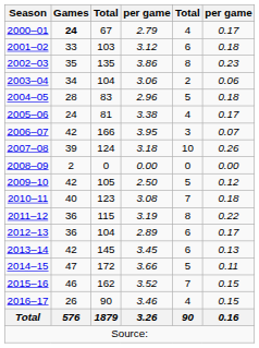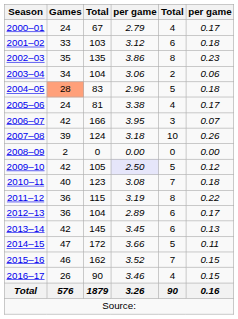 <table class="wikitable" style="text-align:center">
 <tr>
 <th>Season</th>
 <th>Games</th>
 <th>Total </th>
 <th> per game</th>
 <th>Total </th>
 <th> per game</th>
 </tr>
 <tr>
 <td><a href='#'>2000–01</a></td>
-<td><strong>24</strong></td>
+<td>24</td>
 <td>67</td>
 <td><em>2.79</em></td>
 <td>4</td>
 <td><em>0.17</em></td>
 </tr>
 <tr>
 <td><a href='#'>2001–02</a></td>
 <td>33</td>
 <td>103</td>
 <td><em>3.12</em></td>
 <td>6</td>
 <td><em>0.18</em></td>
 </tr>
 <tr>
 <td><a href='#'>2002–03</a></td>
 <td>35</td>
 <td>135</td>
 <td><em>3.86</em></td>
 <td>8</td>
 <td><em>0.23</em></td>
 </tr>
 <tr>
 <td><a href='#'>2003–04</a></td>
 <td>34</td>
 <td>104</td>
 <td><em>3.06</em></td>
 <td>2</td>
 <td><em>0.06</em></td>
 </tr>
 <tr>
 <td><a href='#'>2004–05</a></td>
-<td>28</td>
+<td style="background: lightsalmon;">28</td>
 <td>83</td>
 <td><em>2.96</em></td>
 <td>5</td>
 <td><em>0.18</em></td>
 </tr>
 <tr>
 <td><a href='#'>2005–06</a></td>
 <td>24</td>
 <td>81</td>
 <td><em>3.38</em></td>
 <td>4</td>
 <td><em>0.17</em></td>
 </tr>
 <tr>
 <td><a href='#'>2006–07</a></td>
 <td>42</td>
 <td>166</td>
 <td><em>3.95</em></td>
 <td>3</td>
 <td><em>0.07</em></td>
 </tr>
 <tr>
 <td><a href='#'>2007–08</a></td>
 <td>39</td>
 <td>124</td>
 <td><em>3.18</em></td>
 <td>10</td>
 <td><em>0.26</em></td>
 </tr>
 <tr>
 <td><a href='#'>2008–09</a></td>
 <td>2</td>
 <td>0</td>
 <td><em>0.00</em></td>
 <td>0</td>
 <td><em>0.00</em></td>
 </tr>
 <tr>
 <td><a href='#'>2009–10</a></td>
 <td>42</td>
 <td>105</td>
-<td><em>2.50</em></td>
+<td style="background: lavender;"><em>2.50</em></td>
 <td>5</td>
 <td><em>0.12</em></td>
 </tr>
 <tr>
 <td><a href='#'>2010–11</a></td>
 <td>40</td>
 <td>123</td>
 <td><em>3.08</em></td>
 <td>7</td>
 <td><em>0.18</em></td>
 </tr>
 <tr>
 <td><a href='#'>2011–12</a></td>
 <td>36</td>
 <td>115</td>
 <td><em>3.19</em></td>
 <td>8</td>
 <td><em>0.22</em></td>
 </tr>
 <tr>
 <td><a href='#'>2012–13</a></td>
 <td>36</td>
 <td>104</td>
 <td><em>2.89</em></td>
 <td>6</td>
 <td><em>0.17</em></td>
 </tr>
 <tr>
 <td><a href='#'>2013–14</a></td>
 <td>42</td>
 <td>145</td>
 <td><em>3.45</em></td>
 <td>6</td>
 <td><em>0.13</em></td>
 </tr>
 <tr>
 <td><a href='#'>2014–15</a></td>
 <td>47</td>
 <td>172</td>
 <td><em>3.66</em></td>
 <td>5</td>
 <td><em>0.11</em></td>
 </tr>
 <tr>
 <td><a href='#'>2015–16</a></td>
 <td>46</td>
 <td>162</td>
 <td><em>3.52</em></td>
 <td>7</td>
 <td><em>0.15</em></td>
 </tr>
 <tr>
 <td><a href='#'>2016–17</a></td>
 <td>26</td>
 <td>90</td>
 <td><em>3.46</em></td>
 <td>4</td>
 <td><em>0.15</em></td>
 </tr>
 <tr>
 <th><em>Total</em></th>
 <th><em>576</em></th>
 <th><em>1879</em></th>
 <th><em>3.26</em></th>
 <th><em>90</em></th>
 <th><em>0.16</em></th>
 </tr>
 <tr>
 <td colspan=6>Source: </td>
 </tr>
 </table>
